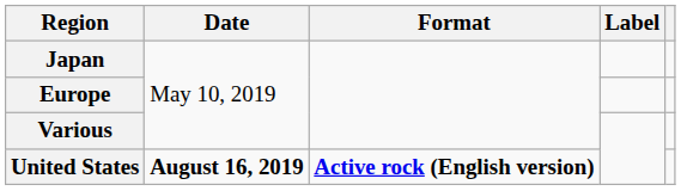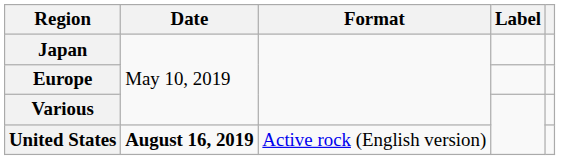 <table class="wikitable plainrowheaders">
 <tr>
 <th scope="col">Region</th>
 <th scope="col">Date</th>
 <th scope="col">Format</th>
 <th scope="col">Label</th>
 <th scope="col"></th>
 </tr>
 <tr>
 <th scope="row">Japan</th>
 <td rowspan="3">May 10, 2019</td>
 <td rowspan="3"></td>
 <td></td>
 <td></td>
 </tr>
 <tr>
 <th scope="row">Europe</th>
 <td></td>
 <td></td>
 </tr>
 <tr>
 <th scope="row">Various</th>
 <td rowspan="2"></td>
 <td></td>
 </tr>
 <tr>
 <th scope="row">United States</th>
 <td><strong>August 16, 2019</strong></td>
-<td><strong><a href='#'>Active rock</a> (English version)</strong></td>
+<td><a href='#'>Active rock</a> (English version)</td>
 <td></td>
 </tr>
 </table>
